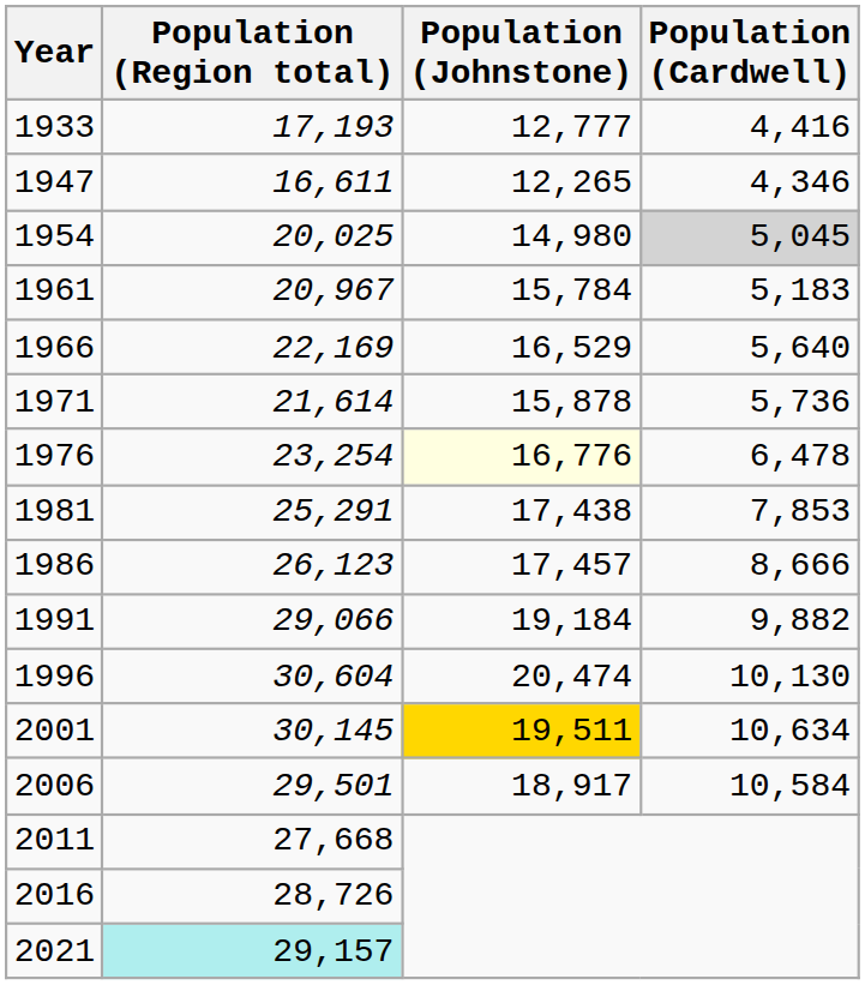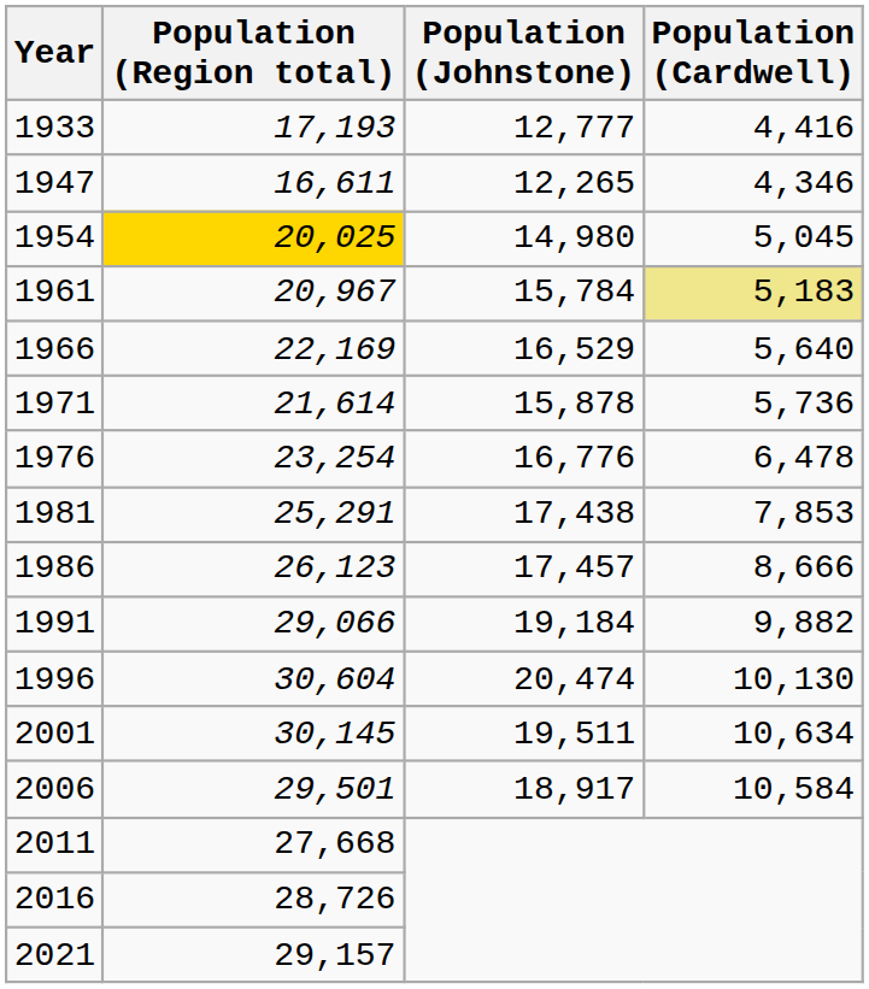 <table class="wikitable" style="text-align:right;">
 <tr>
 <th>Year</th>
 <th>Population<br>(Region total)</th>
 <th>Population<br>(Johnstone)</th>
 <th>Population<br>(Cardwell)</th>
 </tr>
 <tr>
 <td>1933</td>
 <td><em>17,193</em></td>
 <td>12,777</td>
 <td>4,416</td>
 </tr>
 <tr>
 <td>1947</td>
 <td><em>16,611</em></td>
 <td>12,265</td>
 <td>4,346</td>
 </tr>
 <tr>
 <td>1954</td>
-<td><em>20,025</em></td>
+<td style="background: gold;"><em>20,025</em></td>
 <td>14,980</td>
-<td style="background: lightgrey;">5,045</td>
+<td>5,045</td>
 </tr>
 <tr>
 <td>1961</td>
 <td><em>20,967</em></td>
 <td>15,784</td>
-<td>5,183</td>
+<td style="background: khaki;">5,183</td>
 </tr>
 <tr>
 <td>1966</td>
 <td><em>22,169</em></td>
 <td>16,529</td>
 <td>5,640</td>
 </tr>
 <tr>
 <td>1971</td>
 <td><em>21,614</em></td>
 <td>15,878</td>
 <td>5,736</td>
 </tr>
 <tr>
 <td>1976</td>
 <td><em>23,254</em></td>
-<td style="background: lightyellow;">16,776</td>
+<td>16,776</td>
 <td>6,478</td>
 </tr>
 <tr>
 <td>1981</td>
 <td><em>25,291</em></td>
 <td>17,438</td>
 <td>7,853</td>
 </tr>
 <tr>
 <td>1986</td>
 <td><em>26,123</em></td>
 <td>17,457</td>
 <td>8,666</td>
 </tr>
 <tr>
 <td>1991</td>
 <td><em>29,066</em></td>
 <td>19,184</td>
 <td>9,882</td>
 </tr>
 <tr>
 <td>1996</td>
 <td><em>30,604</em></td>
 <td>20,474</td>
 <td>10,130</td>
 </tr>
 <tr>
 <td>2001</td>
 <td><em>30,145</em></td>
-<td style="background: gold;">19,511</td>
+<td>19,511</td>
 <td>10,634</td>
 </tr>
 <tr>
 <td>2006</td>
 <td><em>29,501</em></td>
 <td>18,917</td>
 <td>10,584</td>
 </tr>
 <tr>
 <td>2011</td>
 <td>27,668</td>
 </tr>
 <tr>
 <td>2016</td>
 <td>28,726</td>
 </tr>
 <tr>
 <td>2021</td>
-<td style="background: paleturquoise;">29,157</td>
+<td>29,157</td>
 </tr>
 </table>
